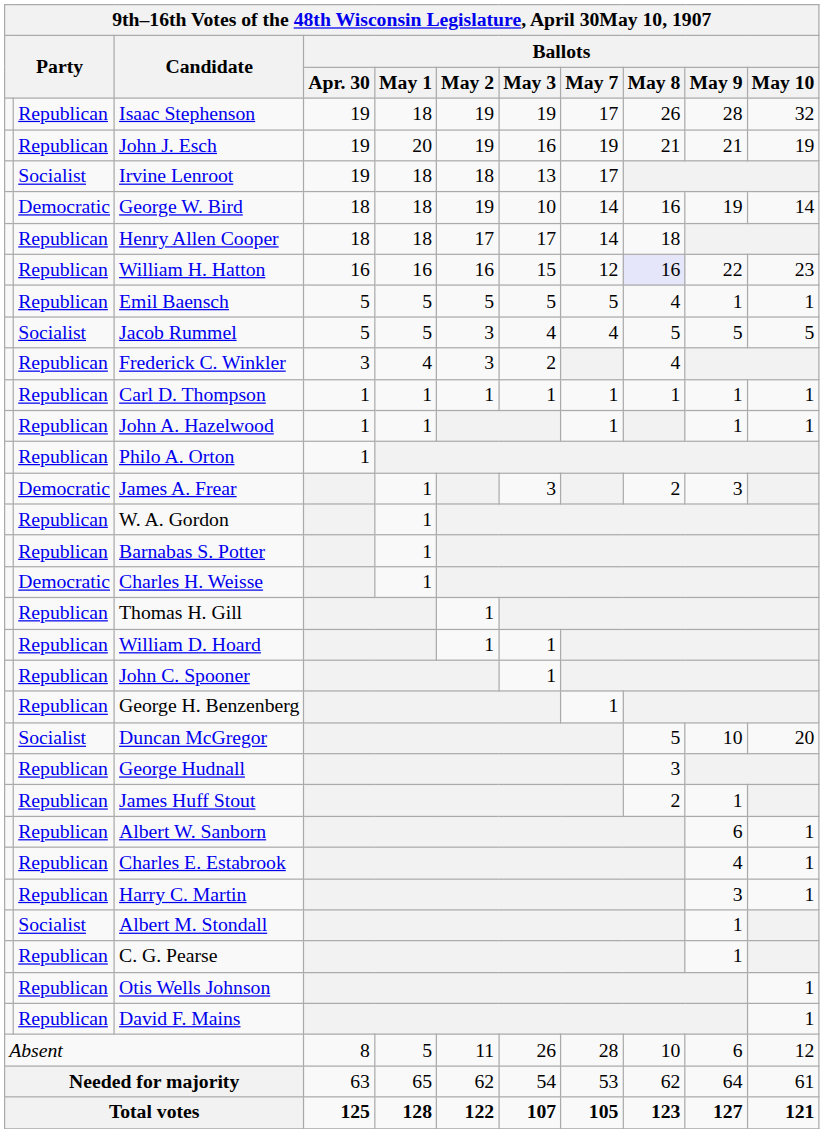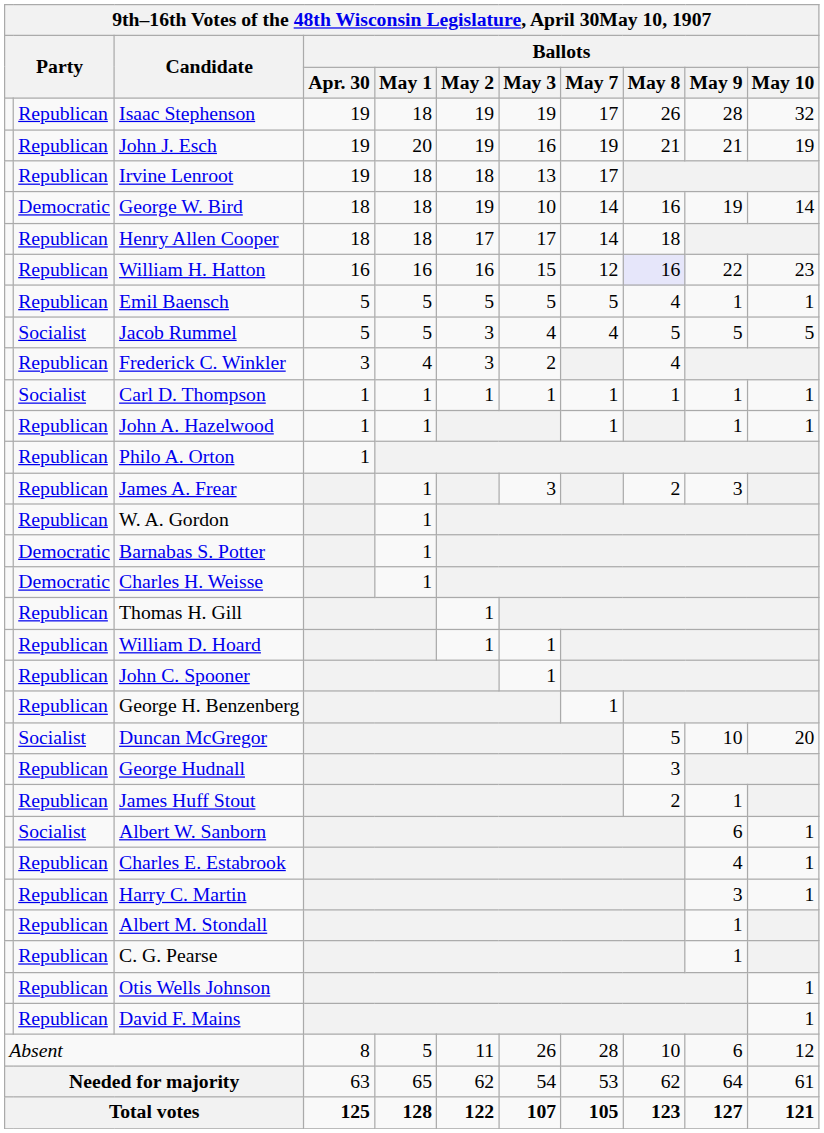 <table class="wikitable sortable">
 <tr>
 <th colspan="11" align="center">9th–16th Votes of the <a href='#'>48th Wisconsin Legislature</a>, April 30May 10, 1907</th>
 </tr>
 <tr>
 <th colspan="2" rowspan="2" class="unsortable">Party</th>
 <th rowspan="2" class="unsortable">Candidate</th>
 <th colspan="8">Ballots</th>
 </tr>
 <tr>
 <th>Apr. 30</th>
 <th>May 1</th>
 <th>May 2</th>
 <th>May 3</th>
 <th>May 7</th>
 <th>May 8</th>
 <th>May 9</th>
 <th>May 10</th>
 </tr>
 <tr>
 <td style="background-color:"></td>
 <td><a href='#'>Republican</a></td>
 <td><a href='#'>Isaac Stephenson</a></td>
 <td align="right">19</td>
 <td align="right">18</td>
 <td align="right">19</td>
 <td align="right">19</td>
 <td align="right">17</td>
 <td align="right">26</td>
 <td align="right">28</td>
 <td align="right">32</td>
 </tr>
 <tr>
 <td style="background-color:"></td>
 <td><a href='#'>Republican</a></td>
 <td><a href='#'>John J. Esch</a></td>
 <td align="right">19</td>
 <td align="right">20</td>
 <td align="right">19</td>
 <td align="right">16</td>
 <td align="right">19</td>
 <td align="right">21</td>
 <td align="right">21</td>
 <td align="right">19</td>
 </tr>
 <tr>
 <td style="background-color:"></td>
-<td><a href='#'>Socialist</a></td>
+<td><a href='#'>Republican</a></td>
 <td><a href='#'>Irvine Lenroot</a></td>
 <td align="right">19</td>
 <td align="right">18</td>
 <td align="right">18</td>
 <td align="right">13</td>
 <td align="right">17</td>
 <th colspan="3"></th>
 </tr>
 <tr>
 <td style="background-color:"></td>
 <td><a href='#'>Democratic</a></td>
 <td><a href='#'>George W. Bird</a></td>
 <td align="right">18</td>
 <td align="right">18</td>
 <td align="right">19</td>
 <td align="right">10</td>
 <td align="right">14</td>
 <td align="right">16</td>
 <td align="right">19</td>
 <td align="right">14</td>
 </tr>
 <tr>
 <td style="background-color:"></td>
 <td><a href='#'>Republican</a></td>
 <td><a href='#'>Henry Allen Cooper</a></td>
 <td align="right">18</td>
 <td align="right">18</td>
 <td align="right">17</td>
 <td align="right">17</td>
 <td align="right">14</td>
 <td align="right">18</td>
 <th colspan="2"></th>
 </tr>
 <tr>
 <td style="background-color:"></td>
 <td><a href='#'>Republican</a></td>
 <td><a href='#'>William H. Hatton</a></td>
 <td align="right">16</td>
 <td align="right">16</td>
 <td align="right">16</td>
 <td align="right">15</td>
 <td align="right">12</td>
 <td align="right" style="background: lavender;">16</td>
 <td align="right">22</td>
 <td align="right">23</td>
 </tr>
 <tr>
 <td style="background-color:"></td>
 <td><a href='#'>Republican</a></td>
 <td><a href='#'>Emil Baensch</a></td>
 <td align="right">5</td>
 <td align="right">5</td>
 <td align="right">5</td>
 <td align="right">5</td>
 <td align="right">5</td>
 <td align="right">4</td>
 <td align="right">1</td>
 <td align="right">1</td>
 </tr>
 <tr>
 <td style="background-color:"></td>
 <td><a href='#'>Socialist</a></td>
 <td><a href='#'>Jacob Rummel</a></td>
 <td align="right">5</td>
 <td align="right">5</td>
 <td align="right">3</td>
 <td align="right">4</td>
 <td align="right">4</td>
 <td align="right">5</td>
 <td align="right">5</td>
 <td align="right">5</td>
 </tr>
 <tr>
 <td style="background-color:"></td>
 <td><a href='#'>Republican</a></td>
 <td><a href='#'>Frederick C. Winkler</a></td>
 <td align="right">3</td>
 <td align="right">4</td>
 <td align="right">3</td>
 <td align="right">2</td>
 <th></th>
 <td align="right">4</td>
 <th colspan="2"></th>
 </tr>
 <tr>
 <td style="background-color:"></td>
-<td><a href='#'>Republican</a></td>
+<td><a href='#'>Socialist</a></td>
 <td><a href='#'>Carl D. Thompson</a></td>
 <td align="right">1</td>
 <td align="right">1</td>
 <td align="right">1</td>
 <td align="right">1</td>
 <td align="right">1</td>
 <td align="right">1</td>
 <td align="right">1</td>
 <td align="right">1</td>
 </tr>
 <tr>
 <td style="background-color:"></td>
 <td><a href='#'>Republican</a></td>
 <td><a href='#'>John A. Hazelwood</a></td>
 <td align="right">1</td>
 <td align="right">1</td>
 <th colspan="2"></th>
 <td align="right">1</td>
 <th></th>
 <td align="right">1</td>
 <td align="right">1</td>
 </tr>
 <tr>
 <td style="background-color:"></td>
 <td><a href='#'>Republican</a></td>
 <td><a href='#'>Philo A. Orton</a></td>
 <td align="right">1</td>
 <th colspan="7"></th>
 </tr>
 <tr>
 <td style="background-color:"></td>
-<td><a href='#'>Democratic</a></td>
+<td><a href='#'>Republican</a></td>
 <td><a href='#'>James A. Frear</a></td>
 <th></th>
 <td align="right">1</td>
 <th></th>
 <td align="right">3</td>
 <th></th>
 <td align="right">2</td>
 <td align="right">3</td>
 <th></th>
 </tr>
 <tr>
 <td style="background-color:"></td>
 <td><a href='#'>Republican</a></td>
 <td>W. A. Gordon</td>
 <th></th>
 <td align="right">1</td>
 <th colspan="6"></th>
 </tr>
 <tr>
 <td style="background-color:"></td>
-<td><a href='#'>Republican</a></td>
+<td><a href='#'>Democratic</a></td>
 <td><a href='#'>Barnabas S. Potter</a></td>
 <th></th>
 <td align="right">1</td>
 <th colspan="6"></th>
 </tr>
 <tr>
 <td style="background-color:"></td>
 <td><a href='#'>Democratic</a></td>
 <td><a href='#'>Charles H. Weisse</a></td>
 <th></th>
 <td align="right">1</td>
 <th colspan="6"></th>
 </tr>
 <tr>
 <td style="background-color:"></td>
 <td><a href='#'>Republican</a></td>
 <td>Thomas H. Gill</td>
 <th colspan="2"></th>
 <td align="right">1</td>
 <th colspan="5"></th>
 </tr>
 <tr>
 <td style="background-color:"></td>
 <td><a href='#'>Republican</a></td>
 <td><a href='#'>William D. Hoard</a></td>
 <th colspan="2"></th>
 <td align="right">1</td>
 <td align="right">1</td>
 <th colspan="4"></th>
 </tr>
 <tr>
 <td style="background-color:"></td>
 <td><a href='#'>Republican</a></td>
 <td><a href='#'>John C. Spooner</a></td>
 <th colspan="3"></th>
 <td align="right">1</td>
 <th colspan="4"></th>
 </tr>
 <tr>
 <td style="background-color:"></td>
 <td><a href='#'>Republican</a></td>
 <td>George H. Benzenberg</td>
 <th colspan="4"></th>
 <td align="right">1</td>
 <th colspan="3"></th>
 </tr>
 <tr>
 <td style="background-color:"></td>
 <td><a href='#'>Socialist</a></td>
 <td><a href='#'>Duncan McGregor</a></td>
 <th colspan="5"></th>
 <td align="right">5</td>
 <td align="right">10</td>
 <td align="right">20</td>
 </tr>
 <tr>
 <td style="background-color:"></td>
 <td><a href='#'>Republican</a></td>
 <td><a href='#'>George Hudnall</a></td>
 <th colspan="5"></th>
 <td align="right">3</td>
 <th colspan="2"></th>
 </tr>
 <tr>
 <td style="background-color:"></td>
 <td><a href='#'>Republican</a></td>
 <td><a href='#'>James Huff Stout</a></td>
 <th colspan="5"></th>
 <td align="right">2</td>
 <td align="right">1</td>
 <th></th>
 </tr>
 <tr>
 <td style="background-color:"></td>
-<td><a href='#'>Republican</a></td>
+<td><a href='#'>Socialist</a></td>
 <td><a href='#'>Albert W. Sanborn</a></td>
 <th colspan="6"></th>
 <td align="right">6</td>
 <td align="right">1</td>
 </tr>
 <tr>
 <td style="background-color:"></td>
 <td><a href='#'>Republican</a></td>
 <td><a href='#'>Charles E. Estabrook</a></td>
 <th colspan="6"></th>
 <td align="right">4</td>
 <td align="right">1</td>
 </tr>
 <tr>
 <td style="background-color:"></td>
 <td><a href='#'>Republican</a></td>
 <td><a href='#'>Harry C. Martin</a></td>
 <th colspan="6"></th>
 <td align="right">3</td>
 <td align="right">1</td>
 </tr>
 <tr>
 <td style="background-color:"></td>
-<td><a href='#'>Socialist</a></td>
+<td><a href='#'>Republican</a></td>
 <td><a href='#'>Albert M. Stondall</a></td>
 <th colspan="6"></th>
 <td align="right">1</td>
 <th></th>
 </tr>
 <tr>
 <td style="background-color:"></td>
 <td><a href='#'>Republican</a></td>
 <td>C. G. Pearse</td>
 <th colspan="6"></th>
 <td align="right">1</td>
 <th></th>
 </tr>
 <tr>
 <td style="background-color:"></td>
 <td><a href='#'>Republican</a></td>
 <td><a href='#'>Otis Wells Johnson</a></td>
 <th colspan="7"></th>
 <td align="right">1</td>
 </tr>
 <tr>
 <td style="background-color:"></td>
 <td><a href='#'>Republican</a></td>
 <td><a href='#'>David F. Mains</a></td>
 <th colspan="7"></th>
 <td align="right">1</td>
 </tr>
 <tr>
 <td colspan="3"><em>Absent</em></td>
 <td align="right">8</td>
 <td align="right">5</td>
 <td align="right">11</td>
 <td align="right">26</td>
 <td align="right">28</td>
 <td align="right">10</td>
 <td align="right">6</td>
 <td align="right">12</td>
 </tr>
 <tr>
 <th colspan="3">Needed for majority</th>
 <td align="right">63</td>
 <td align="right">65</td>
 <td align="right">62</td>
 <td align="right">54</td>
 <td align="right">53</td>
 <td align="right">62</td>
 <td align="right">64</td>
 <td align="right">61</td>
 </tr>
 <tr>
 <th colspan="3">Total votes</th>
 <td align="right"><strong>125</strong></td>
 <td align="right"><strong>128</strong></td>
 <td align="right"><strong>122</strong></td>
 <td align="right"><strong>107</strong></td>
 <td align="right"><strong>105</strong></td>
 <td align="right"><strong>123</strong></td>
 <td align="right"><strong>127</strong></td>
 <td align="right"><strong>121</strong></td>
 </tr>
 </table>
